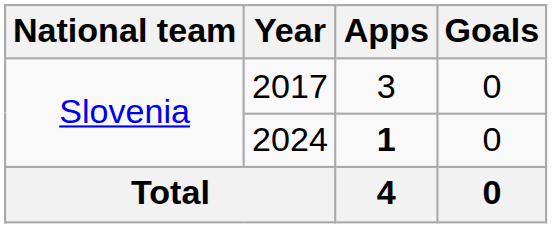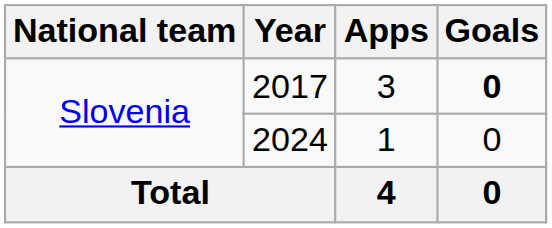 <table class="wikitable" style="text-align:center">
 <tr>
 <th>National team</th>
 <th>Year</th>
 <th>Apps</th>
 <th>Goals</th>
 </tr>
 <tr>
 <td rowspan="2"><a href='#'>Slovenia</a></td>
 <td>2017</td>
 <td>3</td>
-<td>0</td>
+<td><strong>0</strong></td>
 </tr>
 <tr>
 <td>2024</td>
-<td><strong>1</strong></td>
+<td>1</td>
 <td>0</td>
 </tr>
 <tr>
 <th colspan="2">Total</th>
 <th>4</th>
 <th>0</th>
 </tr>
 </table>
